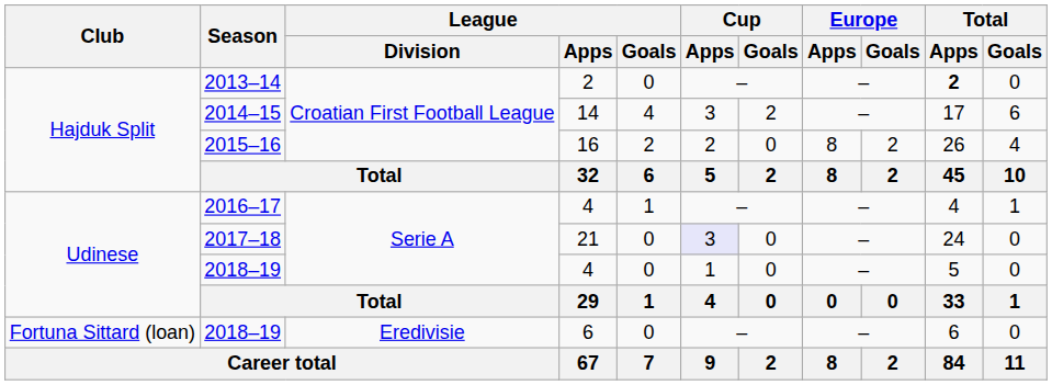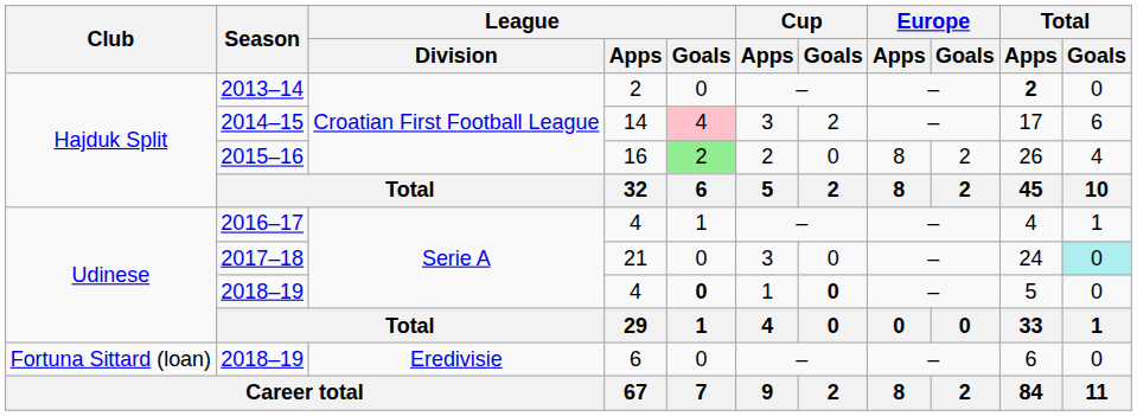 <table class="wikitable" style="text-align: center">
 <tr>
 <th rowspan="2">Club</th>
 <th rowspan="2">Season</th>
 <th colspan="3">League</th>
 <th colspan="2">Cup</th>
 <th colspan="2"><a href='#'>Europe</a></th>
 <th colspan="2">Total</th>
 </tr>
 <tr>
 <th>Division</th>
 <th>Apps</th>
 <th>Goals</th>
 <th>Apps</th>
 <th>Goals</th>
 <th>Apps</th>
 <th>Goals</th>
 <th>Apps</th>
 <th>Goals</th>
 </tr>
 <tr>
 <td rowspan="4"><a href='#'>Hajduk Split</a></td>
 <td><a href='#'>2013–14</a></td>
 <td rowspan="3"><a href='#'>Croatian First Football League</a></td>
 <td>2</td>
 <td>0</td>
 <td colspan="2">–</td>
 <td colspan="2">–</td>
 <td><strong>2</strong></td>
 <td>0</td>
 </tr>
 <tr>
 <td><a href='#'>2014–15</a></td>
 <td>14</td>
-<td>4</td>
+<td style="background: pink;">4</td>
 <td>3</td>
 <td>2</td>
 <td colspan="2">–</td>
 <td>17</td>
 <td>6</td>
 </tr>
 <tr>
 <td><a href='#'>2015–16</a></td>
 <td>16</td>
-<td>2</td>
+<td style="background: lightgreen;">2</td>
 <td>2</td>
 <td>0</td>
 <td>8</td>
 <td>2</td>
 <td>26</td>
 <td>4</td>
 </tr>
 <tr>
 <th colspan="2">Total</th>
 <th>32</th>
 <th>6</th>
 <th>5</th>
 <th>2</th>
 <th>8</th>
 <th>2</th>
 <th>45</th>
 <th>10</th>
 </tr>
 <tr>
 <td rowspan="4"><a href='#'>Udinese</a></td>
 <td><a href='#'>2016–17</a></td>
 <td rowspan="3"><a href='#'>Serie A</a></td>
 <td>4</td>
 <td>1</td>
 <td colspan="2">–</td>
 <td colspan="2">–</td>
 <td>4</td>
 <td>1</td>
 </tr>
 <tr>
 <td><a href='#'>2017–18</a></td>
 <td>21</td>
 <td>0</td>
-<td style="background: lavender;">3</td>
+<td>3</td>
 <td>0</td>
 <td colspan="2">–</td>
 <td>24</td>
-<td>0</td>
+<td style="background: paleturquoise;">0</td>
 </tr>
 <tr>
 <td><a href='#'>2018–19</a></td>
 <td>4</td>
-<td>0</td>
+<td><strong>0</strong></td>
 <td>1</td>
-<td>0</td>
+<td><strong>0</strong></td>
 <td colspan="2">–</td>
 <td>5</td>
 <td>0</td>
 </tr>
 <tr>
 <th colspan="2">Total</th>
 <th>29</th>
 <th>1</th>
 <th>4</th>
 <th>0</th>
 <th>0</th>
 <th>0</th>
 <th>33</th>
 <th>1</th>
 </tr>
 <tr>
 <td><a href='#'>Fortuna Sittard</a> (loan)</td>
 <td><a href='#'>2018–19</a></td>
 <td><a href='#'>Eredivisie</a></td>
 <td>6</td>
 <td>0</td>
 <td colspan="2">–</td>
 <td colspan="2">–</td>
 <td>6</td>
 <td>0</td>
 </tr>
 <tr>
 <th colspan="3">Career total</th>
 <th>67</th>
 <th>7</th>
 <th>9</th>
 <th>2</th>
 <th>8</th>
 <th>2</th>
 <th>84</th>
 <th>11</th>
 </tr>
 </table>
